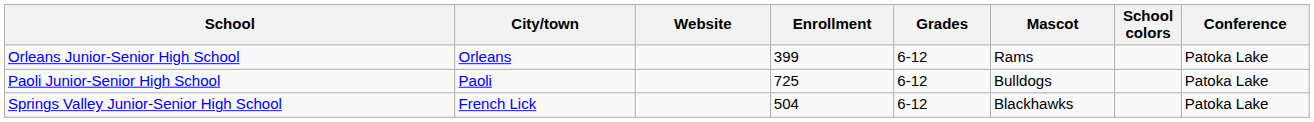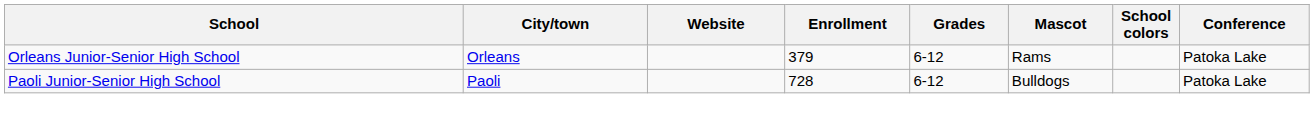 <table class="wikitable sortable" width="70%">
 <tr>
 <th width="20%">School</th>
 <th width="08%">City/town</th>
 <th width="06%">Website</th>
 <th width="04%">Enrollment</th>
 <th width="04%">Grades</th>
 <th width="04%">Mascot</th>
 <th width=01%>School colors</th>
 <th width="04%">Conference</th>
 </tr>
 <tr>
 <td><a href='#'>Orleans Junior-Senior High School</a></td>
 <td><a href='#'>Orleans</a></td>
 <td></td>
-<td>399</td>
+<td>379</td>
 <td>6-12</td>
 <td>Rams</td>
 <td> </td>
 <td>Patoka Lake</td>
 </tr>
 <tr>
 <td><a href='#'>Paoli Junior-Senior High School</a></td>
 <td><a href='#'>Paoli</a></td>
 <td></td>
-<td>725</td>
+<td>728</td>
 <td>6-12</td>
 <td>Bulldogs</td>
 <td>  </td>
 <td>Patoka Lake</td>
 </tr>
-<tr>
-<td><a href='#'>Springs Valley Junior-Senior High School</a></td>
-<td><a href='#'>French Lick</a></td>
-<td></td>
-<td>504</td>
-<td>6-12</td>
-<td>Blackhawks</td>
-<td>  </td>
-<td>Patoka Lake</td>
-</tr>
 </table>
